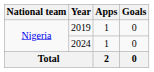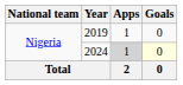 <table class="wikitable" style="text-align:center">
 <tr>
 <th>National team</th>
 <th>Year</th>
 <th>Apps</th>
 <th>Goals</th>
 </tr>
 <tr>
 <td rowspan="2"><a href='#'>Nigeria</a></td>
 <td>2019</td>
 <td>1</td>
 <td>0</td>
 </tr>
 <tr>
 <td>2024</td>
-<td>1</td>
-<td>0</td>
+<td style="background: lightgrey;">1</td>
+<td style="background: lightyellow;">0</td>
 </tr>
 <tr>
 <th colspan=2>Total</th>
 <th>2</th>
 <th>0</th>
 </tr>
 </table>
